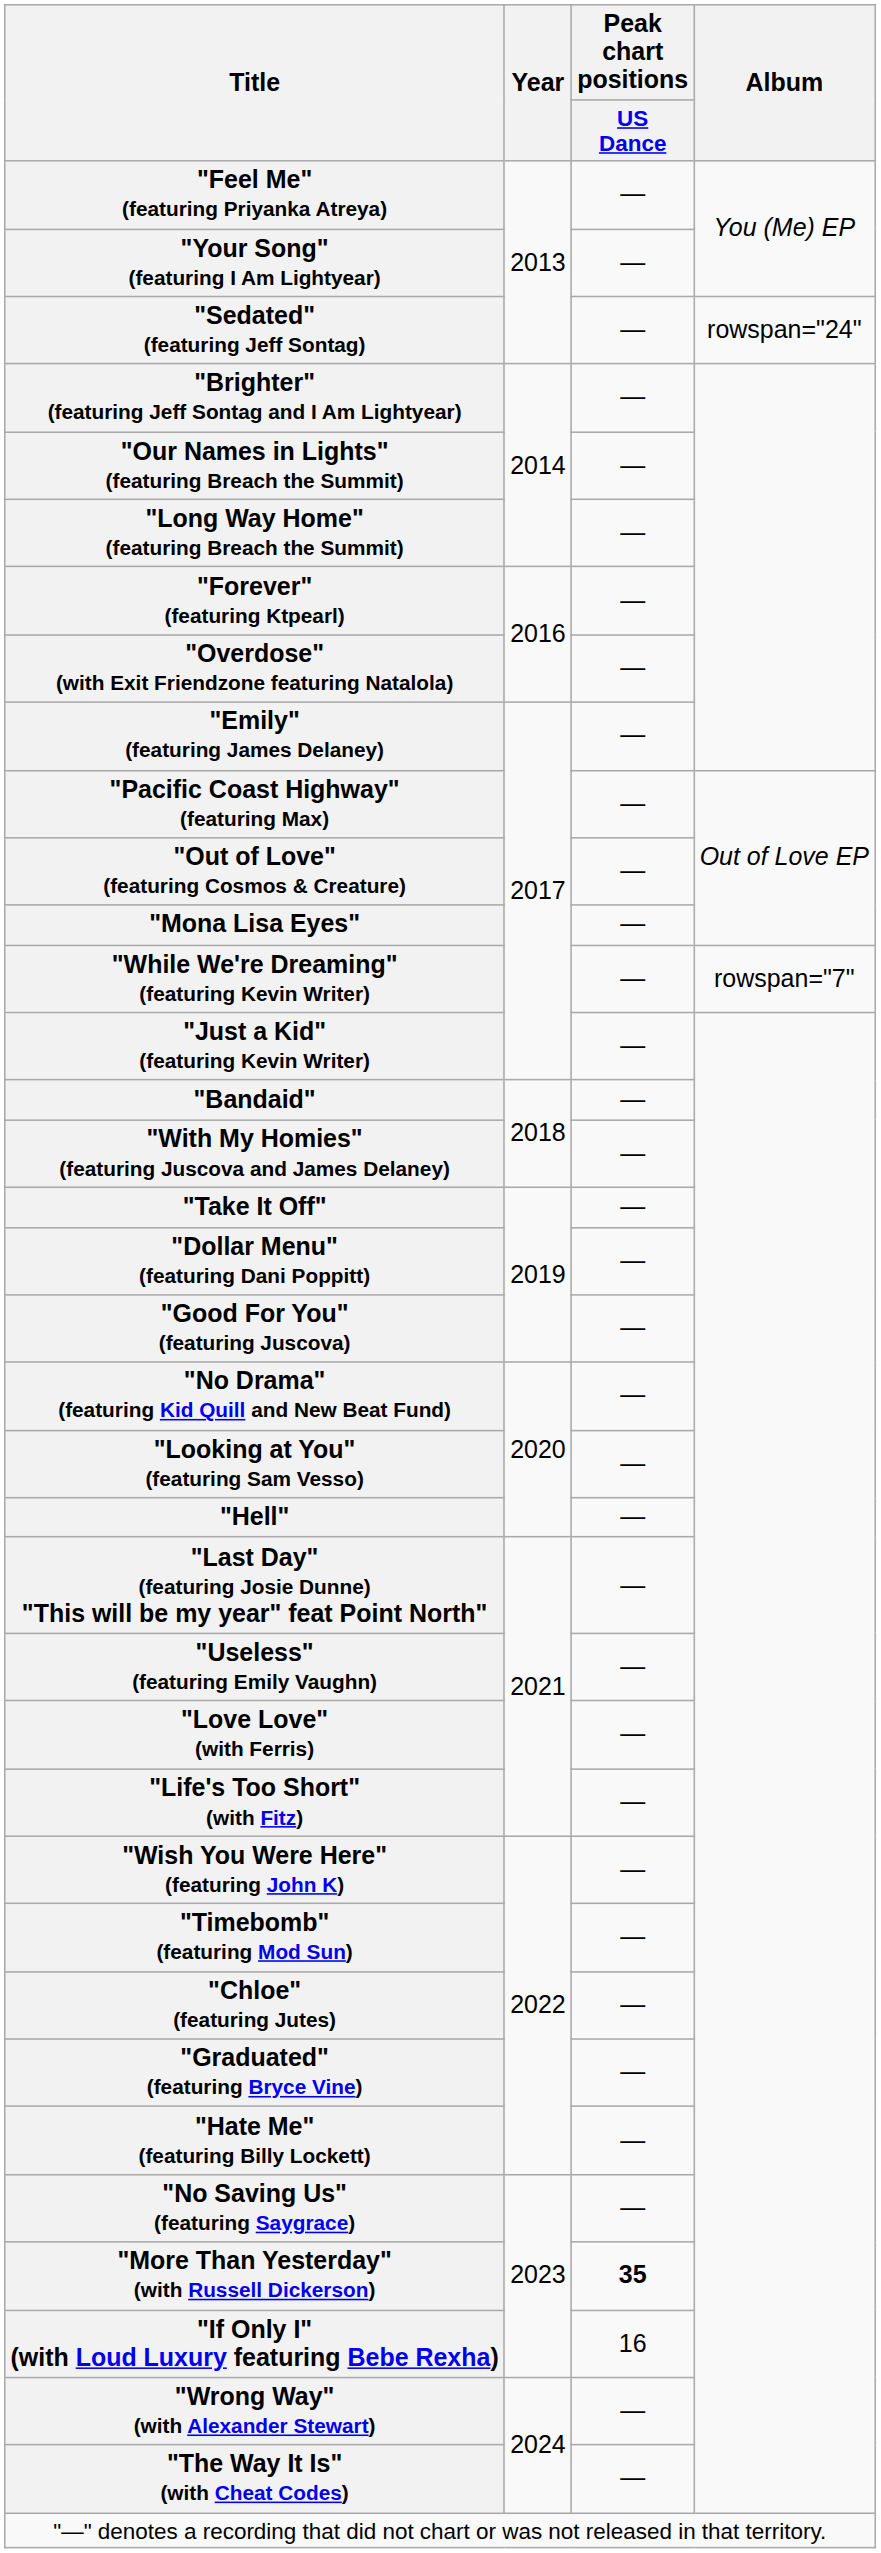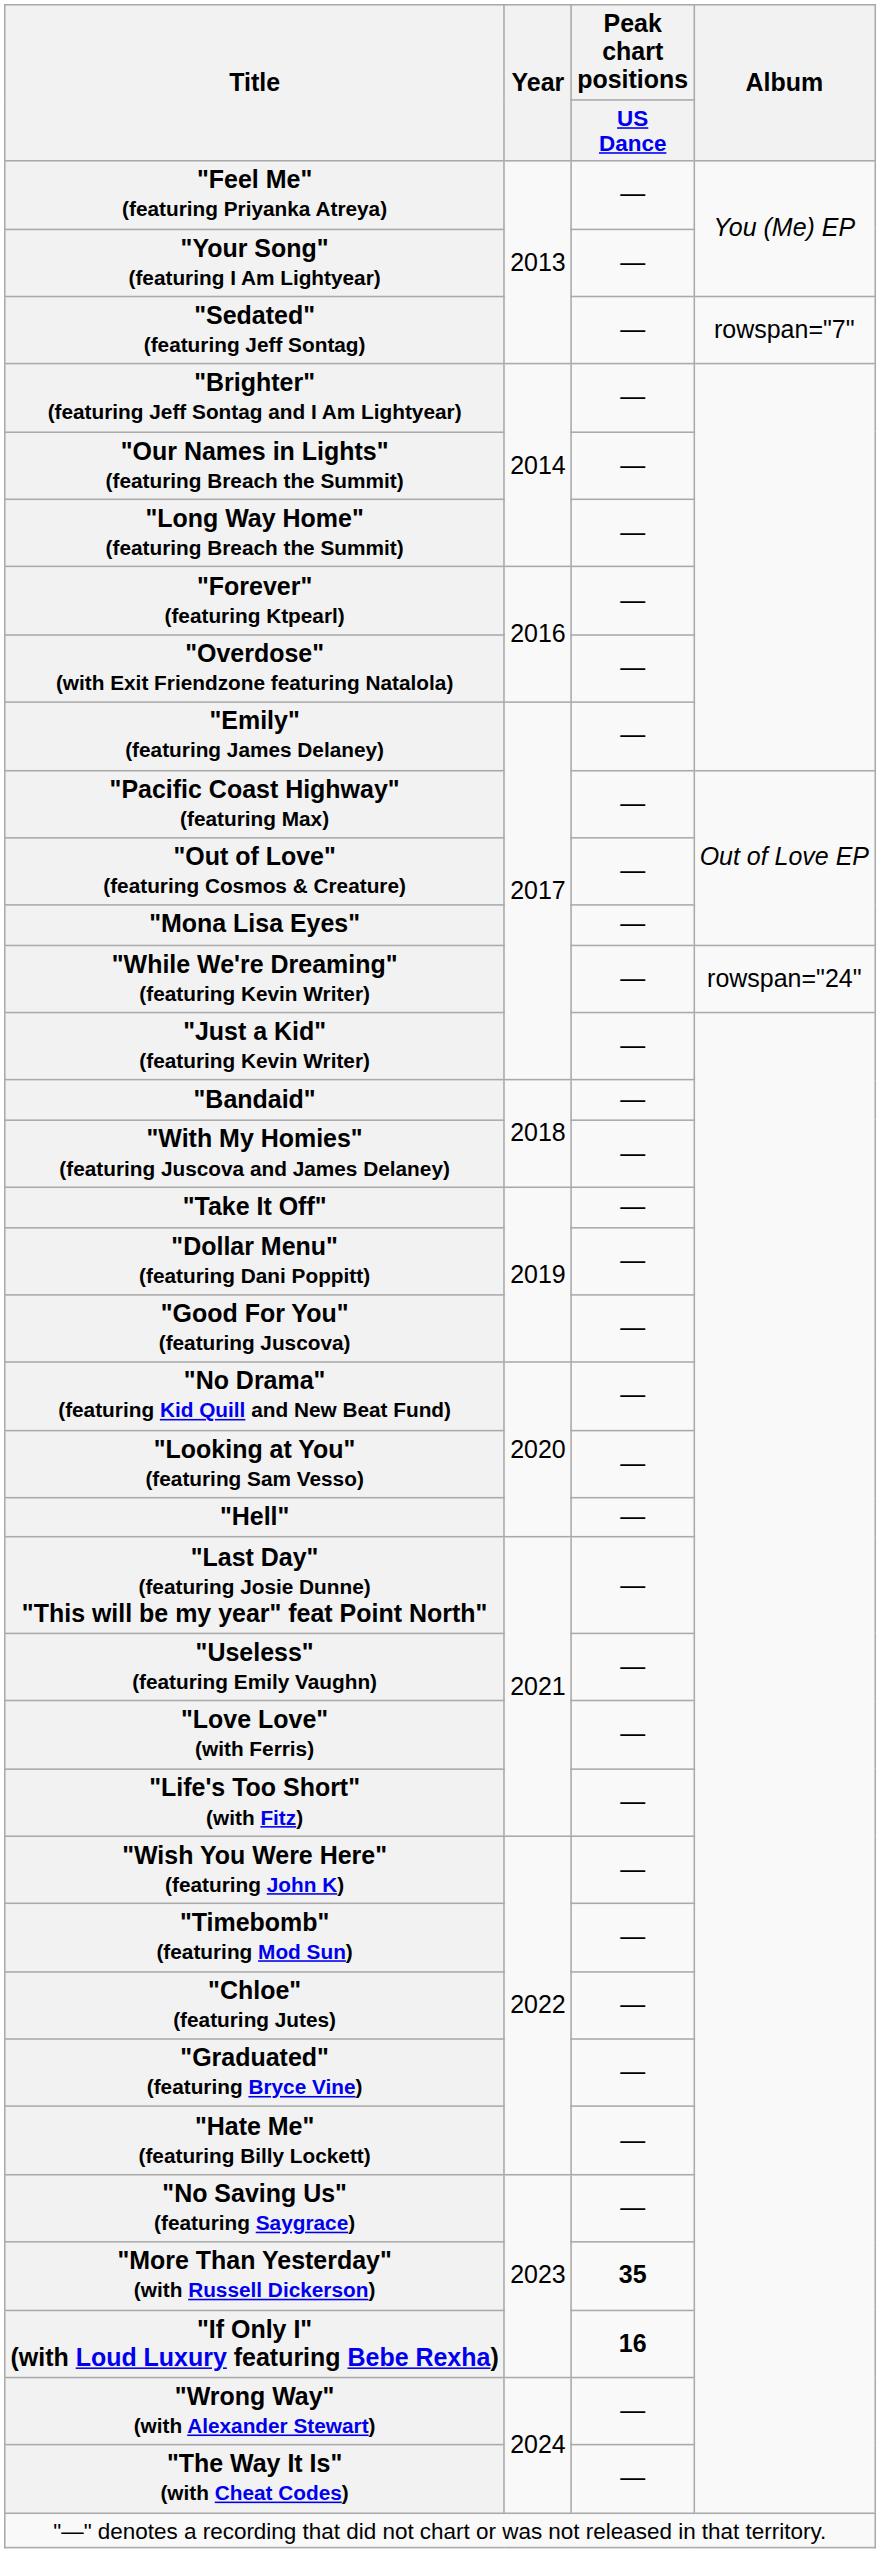 <table class="wikitable plainrowheaders" style="text-align:center;">
 <tr>
 <th scope="col" rowspan="2">Title</th>
 <th scope="col" rowspan="2">Year</th>
 <th scope="col" colspan="1">Peak chart positions</th>
 <th scope="col" rowspan="2">Album</th>
 </tr>
 <tr>
 <th scope="col" style="width:3em; font-size:90%"><a href='#'>US<br>Dance</a><br></th>
 </tr>
 <tr>
 <th scope="row">"Feel Me" <br><small>(featuring Priyanka Atreya)</small></th>
 <td rowspan="3">2013</td>
 <td>—</td>
 <td rowspan="2"><em>You (Me) EP</em></td>
 </tr>
 <tr>
 <th scope="row">"Your Song" <br><small>(featuring I Am Lightyear)</small></th>
 <td>—</td>
 </tr>
 <tr>
 <th scope="row">"Sedated" <br><small>(featuring Jeff Sontag)</small></th>
 <td>—</td>
-<td>rowspan="24" </td>
+<td>rowspan="7" </td>
 </tr>
 <tr>
 <th scope="row">"Brighter" <br><small>(featuring Jeff Sontag and I Am Lightyear)</small></th>
 <td rowspan="3">2014</td>
 <td>—</td>
 </tr>
 <tr>
 <th scope="row">"Our Names in Lights" <br><small>(featuring Breach the Summit)</small></th>
 <td>—</td>
 </tr>
 <tr>
 <th scope="row">"Long Way Home" <br><small>(featuring Breach the Summit)</small></th>
 <td>—</td>
 </tr>
 <tr>
 <th scope="row">"Forever" <br><small>(featuring Ktpearl)</small></th>
 <td rowspan="2">2016</td>
 <td>—</td>
 </tr>
 <tr>
 <th scope="row">"Overdose" <br><small>(with Exit Friendzone featuring Natalola)</small></th>
 <td>—</td>
 </tr>
 <tr>
 <th scope="row">"Emily" <br><small>(featuring James Delaney)</small></th>
 <td rowspan="6">2017</td>
 <td>—</td>
 </tr>
 <tr>
 <th scope="row">"Pacific Coast Highway" <br><small>(featuring Max)</small></th>
 <td>—</td>
 <td rowspan="3"><em>Out of Love EP</em></td>
 </tr>
 <tr>
 <th scope="row">"Out of Love" <br><small>(featuring Cosmos & Creature)</small></th>
 <td>—</td>
 </tr>
 <tr>
 <th scope="row">"Mona Lisa Eyes"</th>
 <td>—</td>
 </tr>
 <tr>
 <th scope="row">"While We're Dreaming" <br><small>(featuring Kevin Writer)</small></th>
 <td>—</td>
-<td>rowspan="7" </td>
+<td>rowspan="24" </td>
 </tr>
 <tr>
 <th scope="row">"Just a Kid" <br><small>(featuring Kevin Writer)</small></th>
 <td>—</td>
 </tr>
 <tr>
 <th scope="row">"Bandaid"</th>
 <td rowspan="2">2018</td>
 <td>—</td>
 </tr>
 <tr>
 <th scope="row">"With My Homies"<br><small>(featuring Juscova and James Delaney)</small></th>
 <td>—</td>
 </tr>
 <tr>
 <th scope="row">"Take It Off"</th>
 <td rowspan="3">2019</td>
 <td>—</td>
 </tr>
 <tr>
 <th scope="row">"Dollar Menu" <br><small>(featuring Dani Poppitt)</small></th>
 <td>—</td>
 </tr>
 <tr>
 <th scope="row">"Good For You" <br><small>(featuring Juscova)</small></th>
 <td>—</td>
 </tr>
 <tr>
 <th scope="row">"No Drama" <br><small>(featuring <a href='#'>Kid Quill</a> and New Beat Fund)</small></th>
 <td rowspan="3">2020</td>
 <td>—</td>
 </tr>
 <tr>
 <th scope="row">"Looking at You" <br><small>(featuring Sam Vesso)</small></th>
 <td>—</td>
 </tr>
 <tr>
 <th scope="row">"Hell"</th>
 <td>—</td>
 </tr>
 <tr>
 <th scope="row">"Last Day" <br><small>(featuring Josie Dunne)</small><br>"This will be my  year" feat Point North"</th>
 <td rowspan="4">2021</td>
 <td>—</td>
 </tr>
 <tr>
 <th scope="row">"Useless" <br><small>(featuring Emily Vaughn)</small></th>
 <td>—</td>
 </tr>
 <tr>
 <th scope="row">"Love Love" <br><small>(with Ferris)</small></th>
 <td>—</td>
 </tr>
 <tr>
 <th scope="row">"Life's Too Short" <br><small>(with <a href='#'>Fitz</a>)</small></th>
 <td>—</td>
 </tr>
 <tr>
 <th scope="row">"Wish You Were Here" <br><small>(featuring <a href='#'>John K</a>)</small></th>
 <td rowspan="5">2022</td>
 <td>—</td>
 </tr>
 <tr>
 <th scope="row">"Timebomb" <br><small>(featuring <a href='#'>Mod Sun</a>)</small></th>
 <td>—</td>
 </tr>
 <tr>
 <th scope="row">"Chloe" <br><small>(featuring Jutes)</small></th>
 <td>—</td>
 </tr>
 <tr>
 <th scope="row">"Graduated" <br><small>(featuring <a href='#'>Bryce Vine</a>)</small></th>
 <td>—</td>
 </tr>
 <tr>
 <th scope="row">"Hate Me" <br><small>(featuring Billy Lockett)</small></th>
 <td>—</td>
 </tr>
 <tr>
 <th scope="row">"No Saving Us" <br><small>(featuring <a href='#'>Saygrace</a>)</small></th>
 <td rowspan="3">2023</td>
 <td>—</td>
 </tr>
 <tr>
 <th scope="row">"More Than Yesterday" <br><small>(with <a href='#'>Russell Dickerson</a>)</small></th>
 <td><strong>35</strong></td>
 </tr>
 <tr>
 <th scope="row">"If Only I"<br><span>(with <a href='#'>Loud Luxury</a> featuring <a href='#'>Bebe Rexha</a>)</span></th>
-<td>16</td>
+<td><strong>16</strong></td>
 </tr>
 <tr>
 <th scope="row">"Wrong Way"<br><small>(with <a href='#'>Alexander Stewart</a>)</small></th>
 <td rowspan="2">2024</td>
 <td>—</td>
 </tr>
 <tr>
 <th scope="row">"The Way It Is" <br><small>(with <a href='#'>Cheat Codes</a>)</small></th>
 <td>—</td>
 </tr>
 <tr>
 <td colspan="6" style="font-size:90%">"—" denotes a recording that did not chart or was not released in that territory.</td>
 </tr>
 </table>
